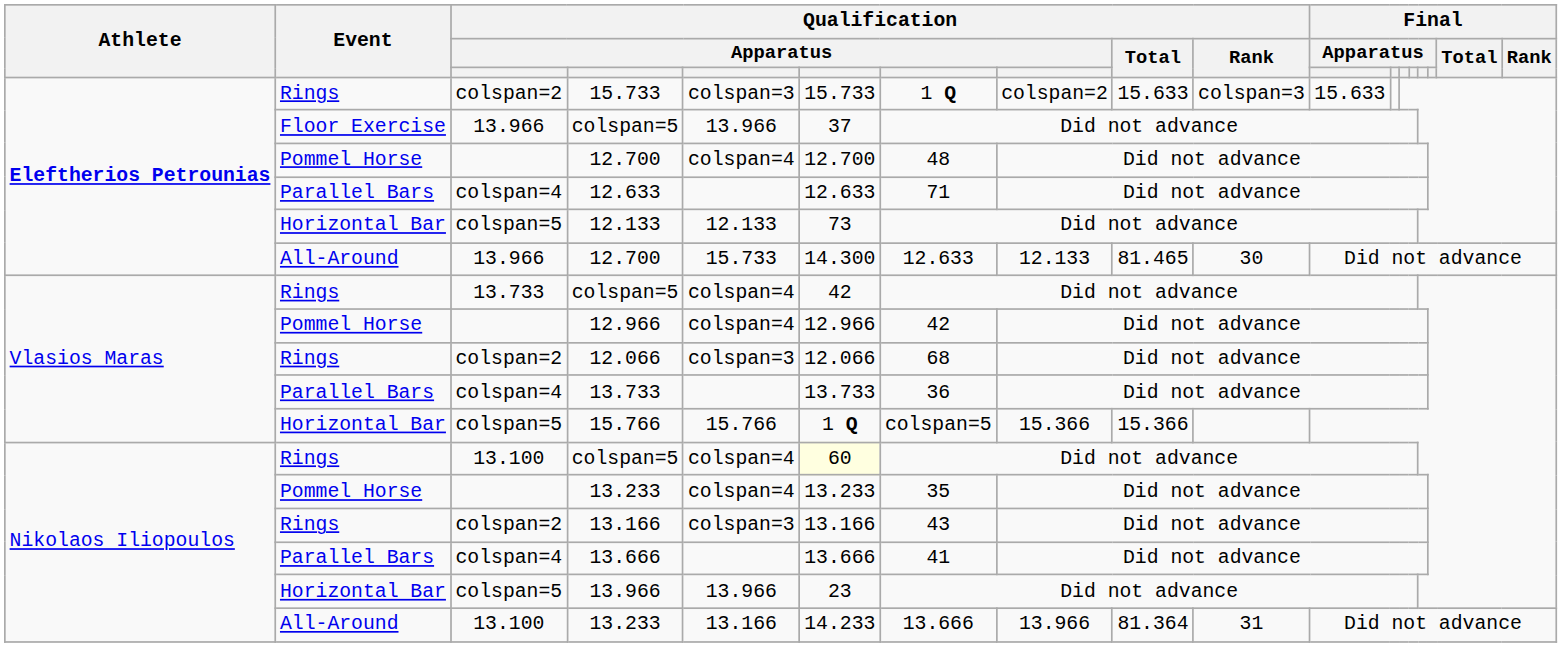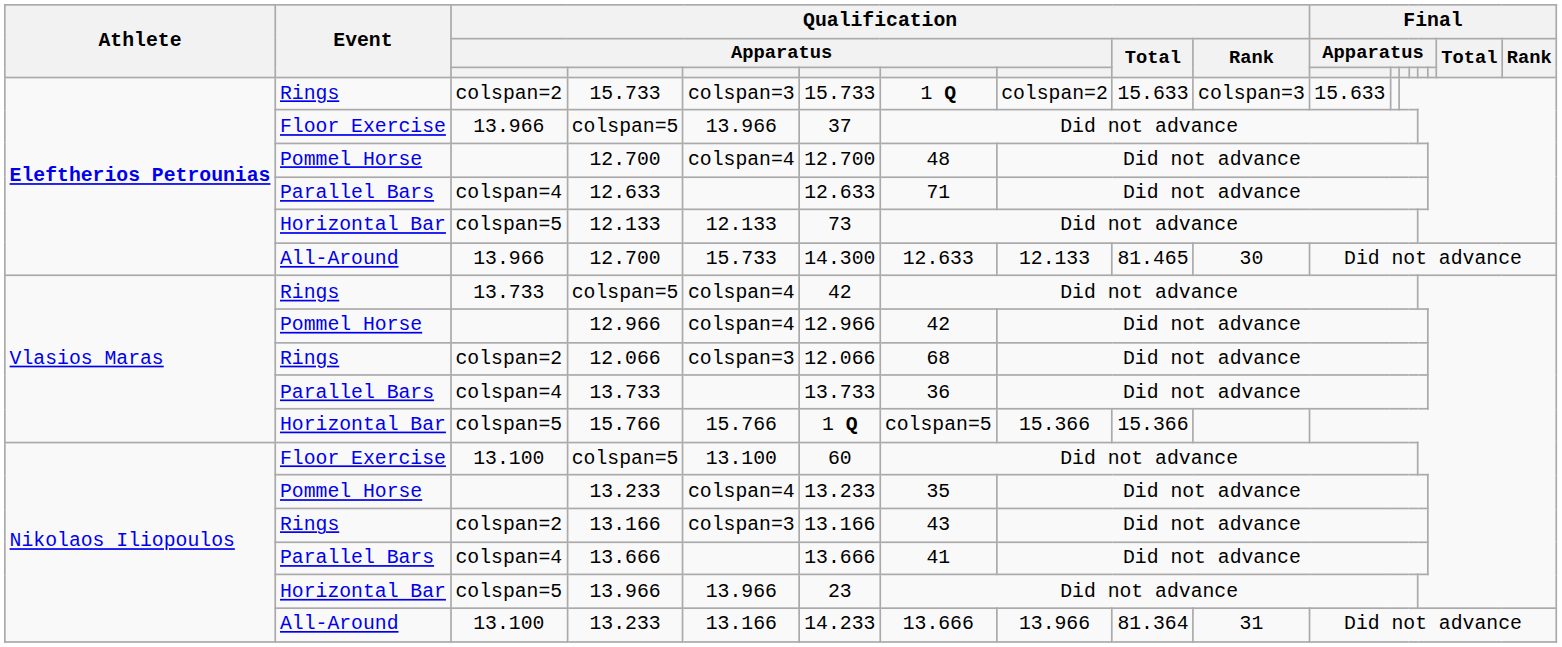 <table class="wikitable" style="font-size:90%">
 <tr>
 <th rowspan=3>Athlete</th>
 <th rowspan=3>Event</th>
 <th colspan=8>Qualification</th>
 <th colspan=8>Final</th>
 </tr>
 <tr style="font-size:95%">
 <th colspan=6>Apparatus</th>
 <th rowspan=2>Total</th>
 <th rowspan=2>Rank</th>
 <th colspan=6>Apparatus</th>
 <th rowspan=2>Total</th>
 <th rowspan=2>Rank</th>
 </tr>
 <tr style="font-size:95%">
 <th></th>
 <th></th>
 <th></th>
 <th></th>
 <th></th>
 <th></th>
 <th></th>
 <th></th>
 <th></th>
 <th></th>
 <th></th>
 <th></th>
 </tr>
 <tr align=center>
 <td align=left rowspan=6><strong><a href='#'>Eleftherios Petrounias</a></strong></td>
 <td align=left><a href='#'>Rings</a></td>
 <td>colspan=2 </td>
 <td>15.733</td>
 <td>colspan=3 </td>
 <td>15.733</td>
 <td>1 <strong>Q</strong></td>
 <td>colspan=2 </td>
 <td>15.633</td>
 <td>colspan=3 </td>
 <td>15.633</td>
 <td></td>
 </tr>
 <tr align=center>
 <td align=left><a href='#'>Floor Exercise</a></td>
 <td>13.966</td>
 <td>colspan=5 </td>
 <td>13.966</td>
 <td>37</td>
 <td colspan=8>Did not advance</td>
 </tr>
 <tr align=center>
 <td align=left><a href='#'>Pommel Horse</a></td>
 <td></td>
 <td>12.700</td>
 <td>colspan=4 </td>
 <td>12.700</td>
 <td>48</td>
 <td colspan=8>Did not advance</td>
 </tr>
 <tr align=center>
 <td align=left><a href='#'>Parallel Bars</a></td>
 <td>colspan=4 </td>
 <td>12.633</td>
 <td></td>
 <td>12.633</td>
 <td>71</td>
 <td colspan=8>Did not advance</td>
 </tr>
 <tr align=center>
 <td align=left><a href='#'>Horizontal Bar</a></td>
 <td>colspan=5 </td>
 <td>12.133</td>
 <td>12.133</td>
 <td>73</td>
 <td colspan=8>Did not advance</td>
 </tr>
 <tr align=center>
 <td align=left><a href='#'>All-Around</a></td>
 <td>13.966</td>
 <td>12.700</td>
 <td>15.733</td>
 <td>14.300</td>
 <td>12.633</td>
 <td>12.133</td>
 <td>81.465</td>
 <td>30</td>
 <td colspan=8>Did not advance</td>
 </tr>
 <tr align=center>
 <td align=left rowspan=5><a href='#'>Vlasios Maras</a></td>
 <td align=left><a href='#'>Rings</a></td>
 <td>13.733</td>
 <td>colspan=5 </td>
 <td>colspan=4 </td>
 <td>42</td>
 <td colspan=8>Did not advance</td>
 </tr>
 <tr align=center>
 <td align=left><a href='#'>Pommel Horse</a></td>
 <td></td>
 <td>12.966</td>
 <td>colspan=4 </td>
 <td>12.966</td>
 <td>42</td>
 <td colspan=8>Did not advance</td>
 </tr>
 <tr align=center>
 <td align=left><a href='#'>Rings</a></td>
 <td>colspan=2 </td>
 <td>12.066</td>
 <td>colspan=3 </td>
 <td>12.066</td>
 <td>68</td>
 <td colspan=8>Did not advance</td>
 </tr>
 <tr align=center>
 <td align=left><a href='#'>Parallel Bars</a></td>
 <td>colspan=4 </td>
 <td>13.733</td>
 <td></td>
 <td>13.733</td>
 <td>36</td>
 <td colspan=8>Did not advance</td>
 </tr>
 <tr align=center>
 <td align=left><a href='#'>Horizontal Bar</a></td>
 <td>colspan=5 </td>
 <td>15.766</td>
 <td>15.766</td>
 <td>1 <strong>Q</strong></td>
 <td>colspan=5 </td>
 <td>15.366</td>
 <td>15.366</td>
 <td></td>
 </tr>
 <tr align=center>
 <td align=left rowspan=6><a href='#'>Nikolaos Iliopoulos</a></td>
-<td align=left><a href='#'>Rings</a></td>
+<td align=left><a href='#'>Floor Exercise</a></td>
 <td>13.100</td>
 <td>colspan=5 </td>
-<td>colspan=4 </td>
-<td style="background: lightyellow;">60</td>
+<td>13.100</td>
+<td>60</td>
 <td colspan=8>Did not advance</td>
 </tr>
 <tr align=center>
 <td align=left><a href='#'>Pommel Horse</a></td>
 <td></td>
 <td>13.233</td>
 <td>colspan=4 </td>
 <td>13.233</td>
 <td>35</td>
 <td colspan=8>Did not advance</td>
 </tr>
 <tr align=center>
 <td align=left><a href='#'>Rings</a></td>
 <td>colspan=2 </td>
 <td>13.166</td>
 <td>colspan=3 </td>
 <td>13.166</td>
 <td>43</td>
 <td colspan=8>Did not advance</td>
 </tr>
 <tr align=center>
 <td align=left><a href='#'>Parallel Bars</a></td>
 <td>colspan=4 </td>
 <td>13.666</td>
 <td></td>
 <td>13.666</td>
 <td>41</td>
 <td colspan=8>Did not advance</td>
 </tr>
 <tr align=center>
 <td align=left><a href='#'>Horizontal Bar</a></td>
 <td>colspan=5 </td>
 <td>13.966</td>
 <td>13.966</td>
 <td>23</td>
 <td colspan=8>Did not advance</td>
 </tr>
 <tr align=center>
 <td align=left><a href='#'>All-Around</a></td>
 <td>13.100</td>
 <td>13.233</td>
 <td>13.166</td>
 <td>14.233</td>
 <td>13.666</td>
 <td>13.966</td>
 <td>81.364</td>
 <td>31</td>
 <td colspan=8>Did not advance</td>
 </tr>
 </table>
